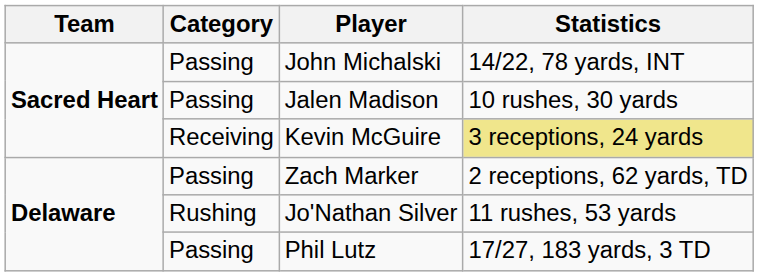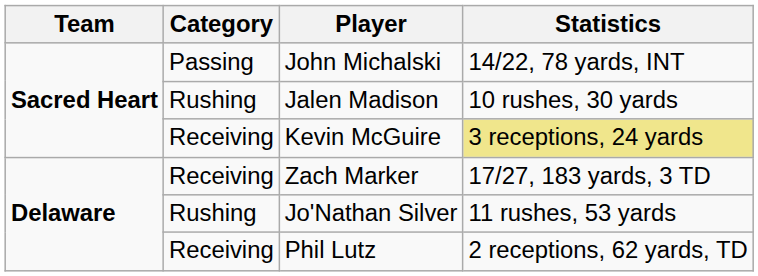 <table class="wikitable" style="float: right;">
 <tr>
 <th>Team</th>
 <th>Category</th>
 <th>Player</th>
 <th>Statistics</th>
 </tr>
 <tr>
 <td rowspan=3><strong>Sacred Heart</strong></td>
 <td>Passing</td>
 <td>John Michalski</td>
 <td>14/22, 78 yards, INT</td>
 </tr>
 <tr>
-<td>Passing</td>
+<td>Rushing</td>
 <td>Jalen Madison</td>
 <td>10 rushes, 30 yards</td>
 </tr>
 <tr>
 <td>Receiving</td>
 <td>Kevin McGuire</td>
 <td style="background: khaki;">3 receptions, 24 yards</td>
 </tr>
 <tr>
 <td rowspan=3><strong>Delaware</strong></td>
-<td>Passing</td>
+<td>Receiving</td>
 <td>Zach Marker</td>
-<td>2 receptions, 62 yards, TD</td>
+<td>17/27, 183 yards, 3 TD</td>
 </tr>
 <tr>
 <td>Rushing</td>
 <td>Jo'Nathan Silver</td>
 <td>11 rushes, 53 yards</td>
 </tr>
 <tr>
-<td>Passing</td>
+<td>Receiving</td>
 <td>Phil Lutz</td>
-<td>17/27, 183 yards, 3 TD</td>
+<td>2 receptions, 62 yards, TD</td>
 </tr>
 </table>
